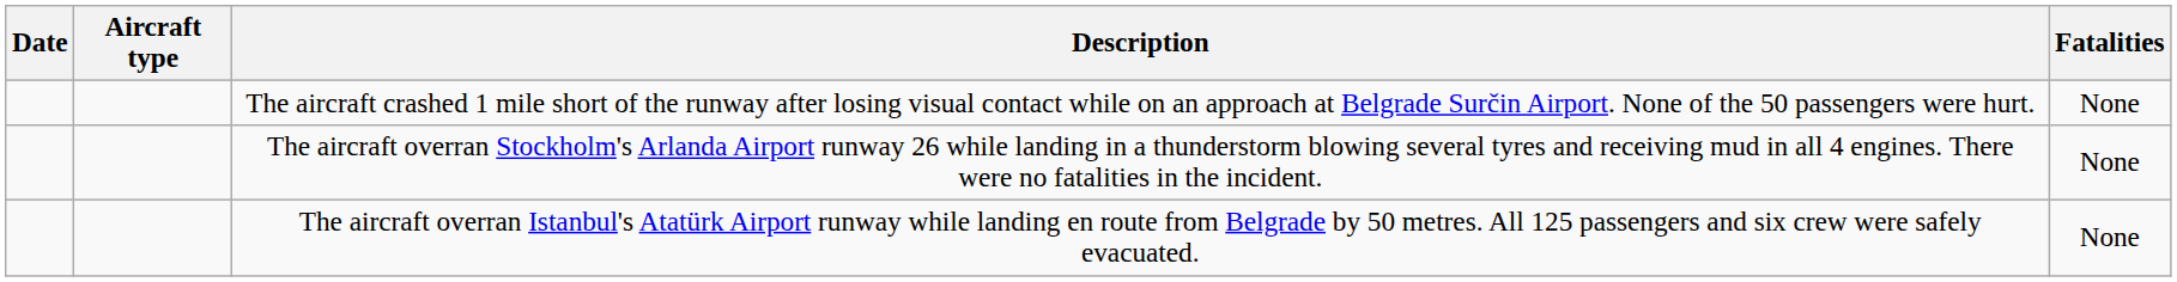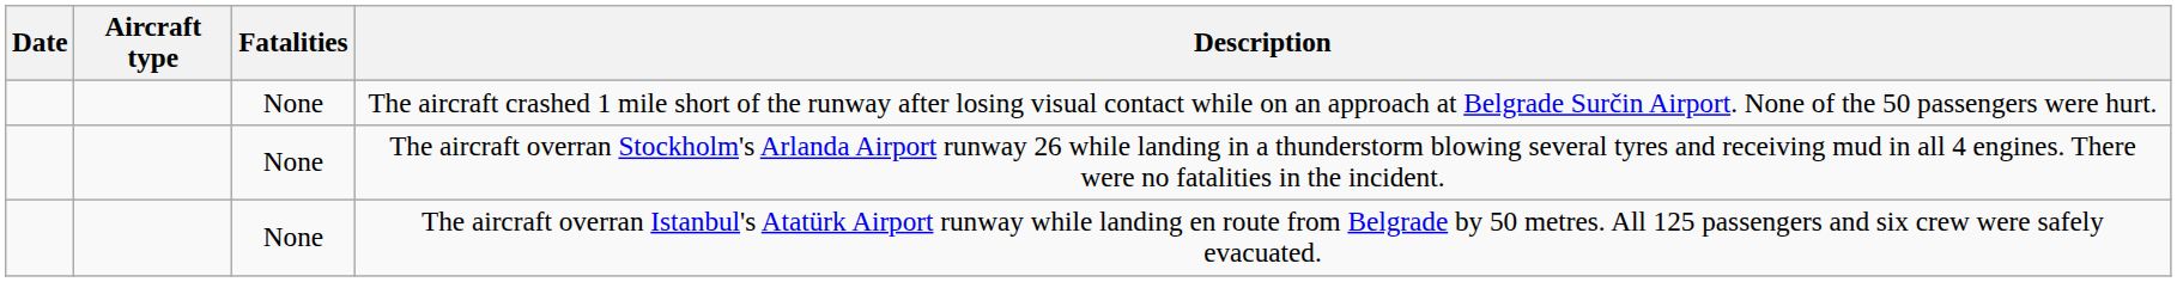 <table class="wikitable">
 <tr>
 <th>Date</th>
 <th>Aircraft type</th>
+<th>Fatalities</th>
 <th>Description</th>
-<th>Fatalities</th>
 </tr>
 <tr>
 <td nowrap></td>
 <td></td>
+<td align=center>None</td>
 <td style="text-align:center;">The aircraft crashed 1 mile short of the runway after losing visual contact while on an approach at <a href='#'>Belgrade Surčin Airport</a>. None of the 50 passengers were hurt.</td>
-<td align=center>None</td>
 </tr>
 <tr>
 <td></td>
 <td></td>
+<td align=center>None</td>
 <td style="text-align:center;">The aircraft overran <a href='#'>Stockholm</a>'s <a href='#'>Arlanda Airport</a> runway 26 while landing in a thunderstorm blowing several tyres and receiving mud in all 4 engines. There were no fatalities in the incident.</td>
-<td align=center>None</td>
 </tr>
 <tr>
 <td></td>
 <td></td>
+<td align=center>None</td>
 <td style="text-align:center;">The aircraft overran <a href='#'>Istanbul</a>'s <a href='#'>Atatürk Airport</a> runway while landing en route from <a href='#'>Belgrade</a> by 50 metres. All 125 passengers and six crew were safely evacuated.</td>
-<td align=center>None</td>
 </tr>
 </table>
